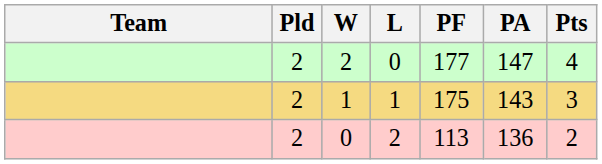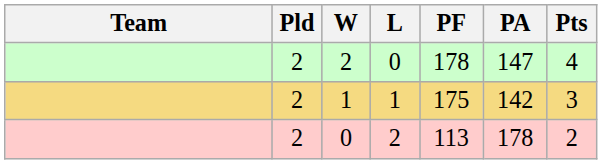 <table class="wikitable" style="text-align:center;">
 <tr>
 <th width=170>Team</th>
 <th width=25>Pld</th>
 <th width=25>W</th>
 <th width=25>L</th>
 <th width=35>PF</th>
 <th width=35>PA</th>
 <th width=25>Pts</th>
 </tr>
 <tr bgcolor=#ccffcc>
 <td align="left"></td>
 <td>2</td>
 <td>2</td>
 <td>0</td>
-<td>177</td>
+<td>178</td>
 <td>147</td>
 <td>4</td>
 </tr>
 <tr bgcolor=#F5DA81>
 <td align="left"></td>
 <td>2</td>
 <td>1</td>
 <td>1</td>
 <td>175</td>
-<td>143</td>
+<td>142</td>
 <td>3</td>
 </tr>
 <tr bgcolor=#ffcccc>
 <td align="left"></td>
 <td>2</td>
 <td>0</td>
 <td>2</td>
 <td>113</td>
-<td>136</td>
+<td>178</td>
 <td>2</td>
 </tr>
 </table>
